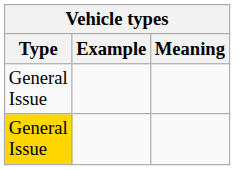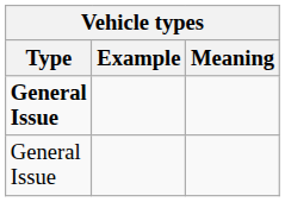 <table class="wikitable">
 <tr>
 <th colspan=5>Vehicle types</th>
 </tr>
 <tr>
 <th>Type</th>
 <th>Example</th>
 <th>Meaning</th>
 </tr>
 <tr>
-<td>General<br>Issue</td>
+<td><strong>General<br>Issue</strong></td>
 <td><br></td>
 <td></td>
 </tr>
 <tr>
-<td style="background: gold;">General<br>Issue</td>
+<td>General<br>Issue</td>
 <td></td>
 <td CI•0000 to CI•9999></td>
 </tr>
 </table>
